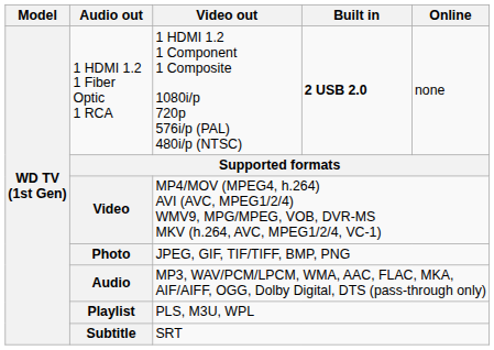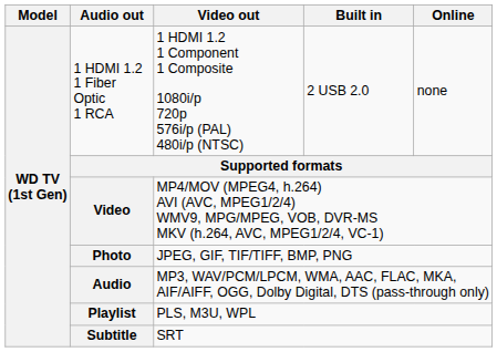 <table class="wikitable" style="margin:1em auto;">
 <tr>
 <th>Model</th>
 <th width=90>Audio out</th>
 <th>Video out</th>
 <th>Built in</th>
 <th>Online</th>
 </tr>
 <tr>
 <th rowspan="7"><strong>WD TV<br>(1st Gen)</strong></th>
 <td>1 HDMI 1.2<br>1 Fiber Optic<br>1 RCA</td>
 <td>1 HDMI 1.2<br>1 Component<br>1 Composite<br><br>1080i/p<br>720p<br>576i/p (PAL)<br>480i/p (NTSC)</td>
-<td><strong>2 USB 2.0</strong></td>
+<td>2 USB 2.0</td>
 <td>none</td>
 </tr>
 <tr>
 <th colspan="4">Supported formats</th>
 </tr>
 <tr>
 <th>Video</th>
 <td colspan="3">MP4/MOV (MPEG4, h.264)<br>AVI (AVC, MPEG1/2/4)<br>WMV9, MPG/MPEG, VOB, DVR-MS<br>MKV (h.264, AVC, MPEG1/2/4, VC-1)</td>
 </tr>
 <tr>
 <th>Photo</th>
 <td colspan="3">JPEG, GIF, TIF/TIFF, BMP, PNG</td>
 </tr>
 <tr>
 <th>Audio</th>
 <td colspan="3">MP3, WAV/PCM/LPCM, WMA, AAC, FLAC, MKA,<br>AIF/AIFF, OGG, Dolby Digital, DTS (pass-through only)</td>
 </tr>
 <tr>
 <th>Playlist</th>
 <td colspan="3">PLS, M3U, WPL</td>
 </tr>
 <tr>
 <th>Subtitle</th>
 <td colspan="3">SRT</td>
 </tr>
 </table>
